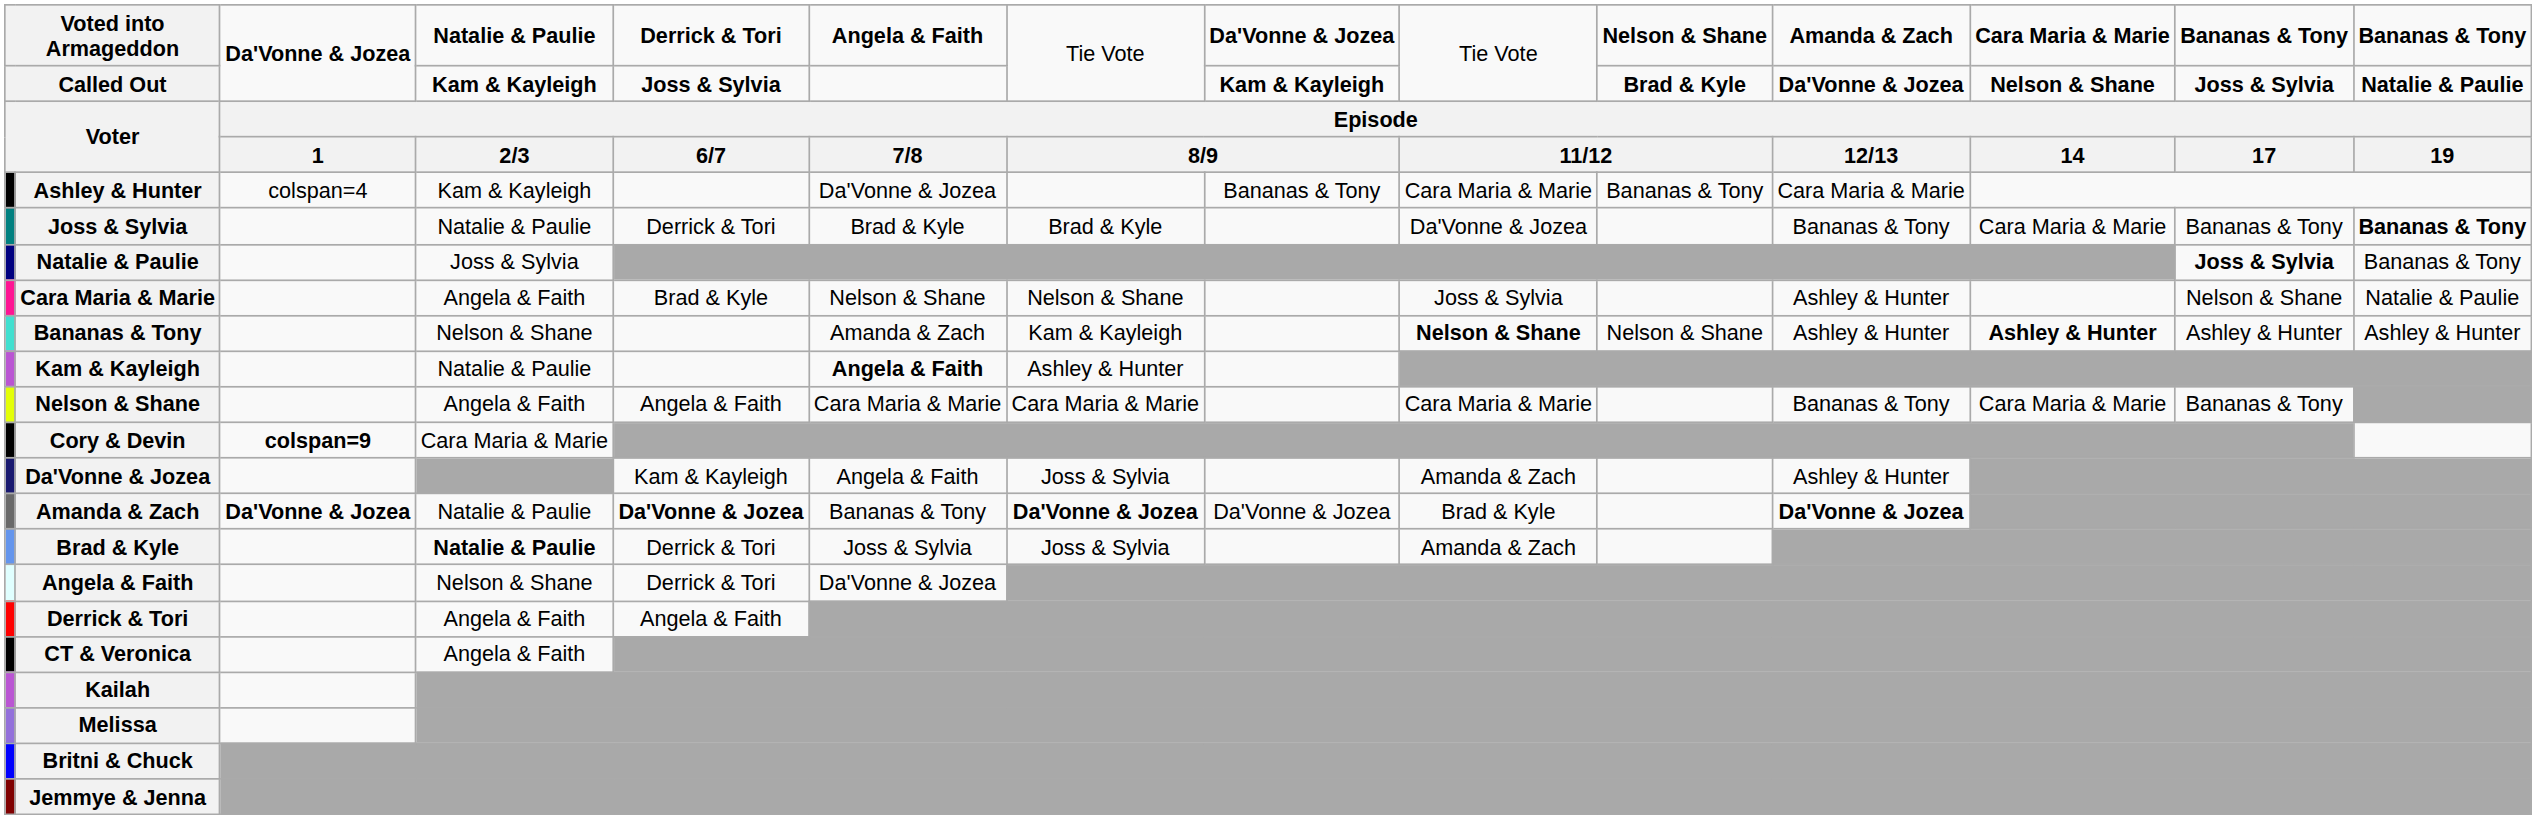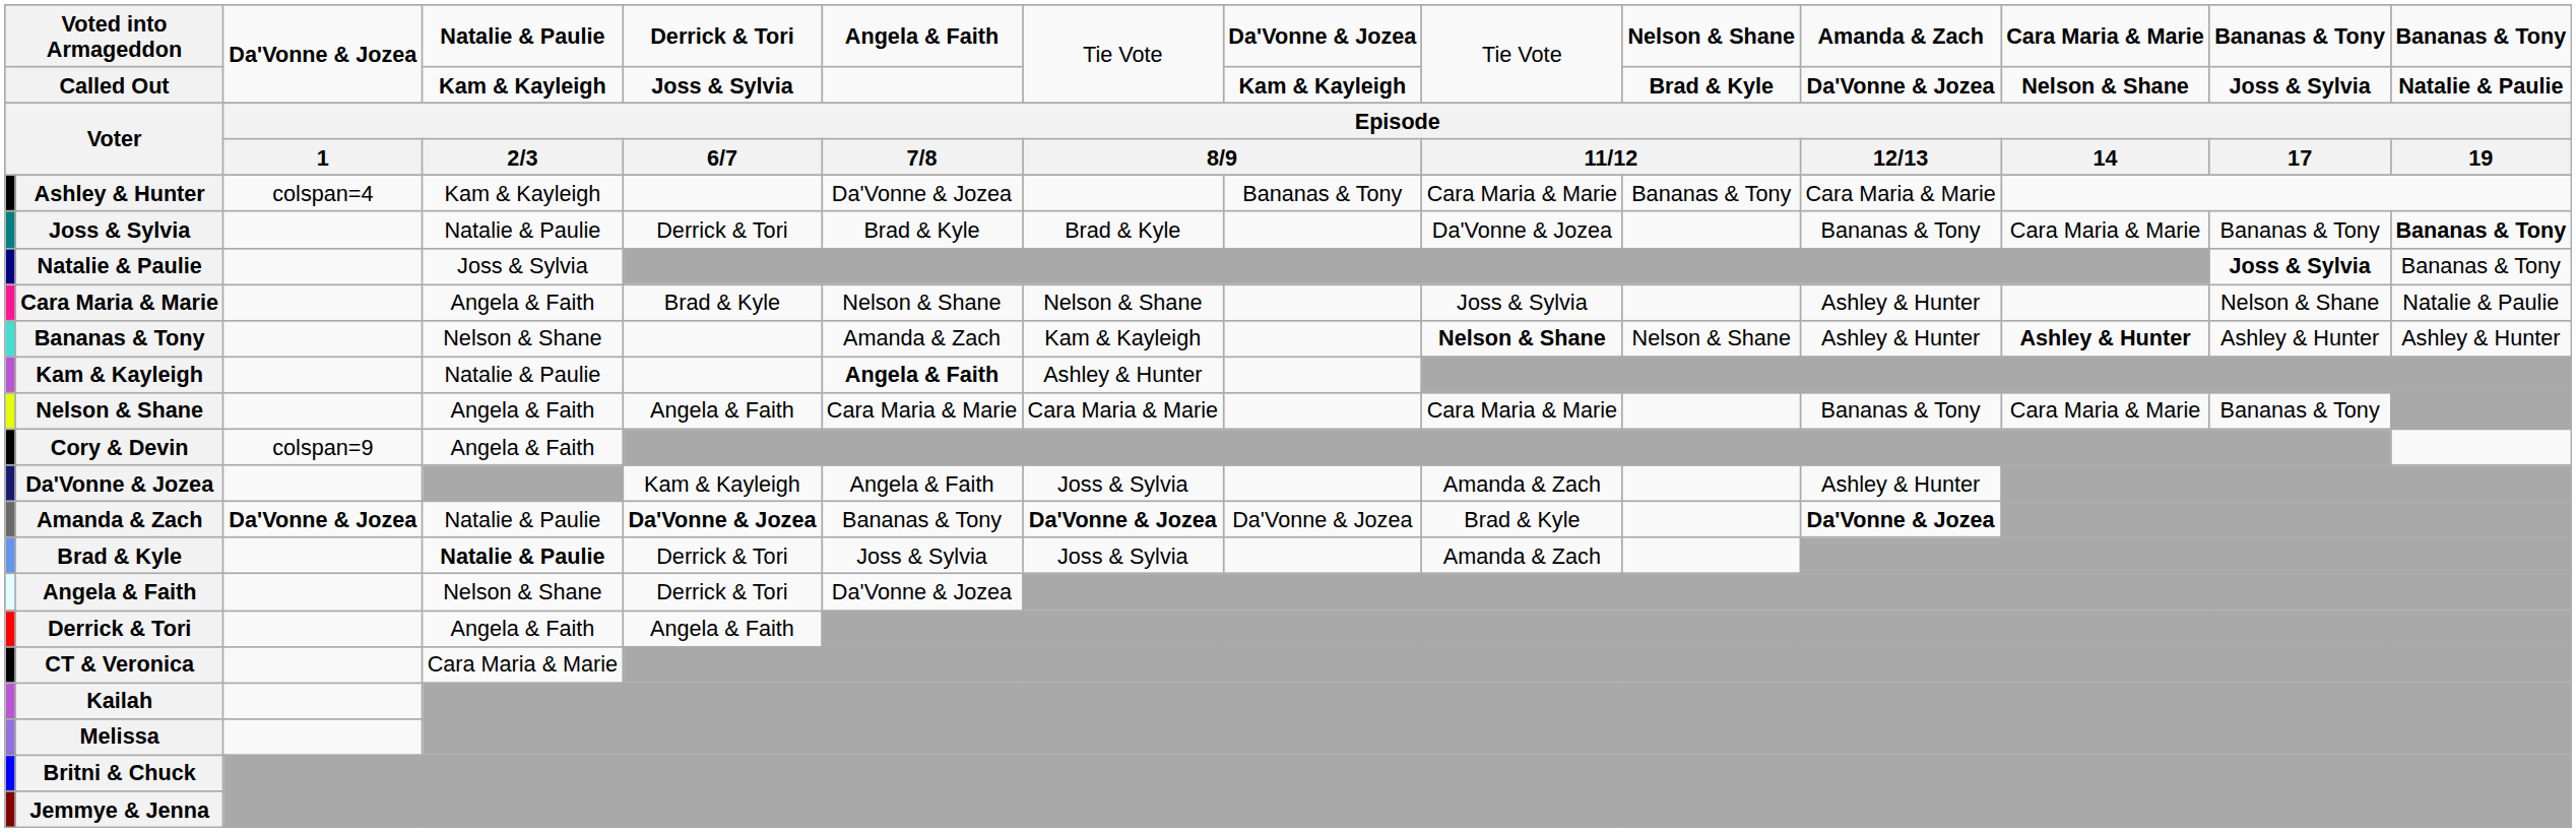 <table class="wikitable" style="text-align:center; font-size:80%; white-space:nowrap;">
 <tr>
 <th colspan=2>Voted into<br>Armageddon</th>
 <td rowspan=2><strong>Da'Vonne & Jozea</strong><br></td>
 <td><strong>Natalie & Paulie</strong><br></td>
 <td><strong>Derrick & Tori</strong><br></td>
 <td><strong>Angela & Faith</strong><br></td>
 <td rowspan=2>Tie Vote</td>
 <td><strong>Da'Vonne & Jozea</strong><br></td>
 <td rowspan=2>Tie Vote</td>
 <td><strong>Nelson & Shane</strong><br></td>
 <td><strong>Amanda & Zach</strong><br></td>
 <td><strong>Cara Maria & Marie</strong><br></td>
 <td><strong>Bananas & Tony</strong><br></td>
 <td><strong>Bananas & Tony</strong><br></td>
 </tr>
 <tr>
 <th colspan=2>Called Out</th>
 <td><strong>Kam & Kayleigh</strong><br></td>
 <td><strong>Joss & Sylvia</strong><br></td>
 <td></td>
 <td><strong>Kam & Kayleigh</strong><br></td>
 <td><strong>Brad & Kyle</strong><br></td>
 <td><strong>Da'Vonne & Jozea</strong><br></td>
 <td><strong>Nelson & Shane</strong><br></td>
 <td><strong>Joss & Sylvia</strong><br></td>
 <td><strong>Natalie & Paulie</strong><br></td>
 </tr>
 <tr>
 <th colspan=2 rowspan=2>Voter</th>
 <th colspan=12>Episode</th>
 </tr>
 <tr>
 <th>1</th>
 <th>2/3</th>
 <th>6/7</th>
 <th>7/8</th>
 <th colspan=2>8/9</th>
 <th colspan=2>11/12</th>
 <th>12/13</th>
 <th>14</th>
 <th>17</th>
 <th>19</th>
 </tr>
 <tr>
 <td align="left" style="background:black"></td>
 <th>Ashley & Hunter</th>
 <td>colspan=4 </td>
 <td>Kam & Kayleigh</td>
 <td></td>
 <td>Da'Vonne & Jozea</td>
 <td></td>
 <td>Bananas & Tony</td>
 <td>Cara Maria & Marie</td>
 <td>Bananas & Tony</td>
 <td>Cara Maria & Marie</td>
 </tr>
 <tr>
 <td align="left" style="background:teal"></td>
 <th>Joss & Sylvia</th>
 <td></td>
 <td>Natalie & Paulie</td>
 <td>Derrick & Tori</td>
 <td>Brad & Kyle</td>
 <td>Brad & Kyle</td>
 <td></td>
 <td>Da'Vonne & Jozea</td>
 <td></td>
 <td>Bananas & Tony</td>
 <td>Cara Maria & Marie</td>
 <td>Bananas & Tony</td>
 <td><strong>Bananas & Tony</strong></td>
 </tr>
 <tr>
 <td align="left" style="background:navy"></td>
 <th>Natalie & Paulie</th>
 <td></td>
 <td>Joss & Sylvia</td>
 <td style="background:darkgray" colspan=8></td>
 <td><strong>Joss & Sylvia</strong></td>
 <td>Bananas & Tony</td>
 </tr>
 <tr>
 <td align="left" style="background:deeppink"></td>
 <th>Cara Maria & Marie</th>
 <td></td>
 <td>Angela & Faith</td>
 <td>Brad & Kyle</td>
 <td>Nelson & Shane</td>
 <td>Nelson & Shane</td>
 <td></td>
 <td>Joss & Sylvia</td>
 <td></td>
 <td>Ashley & Hunter</td>
 <td></td>
 <td>Nelson & Shane</td>
 <td>Natalie & Paulie</td>
 </tr>
 <tr>
 <td align="left" style="background:turquoise"></td>
 <th>Bananas & Tony</th>
 <td></td>
 <td>Nelson & Shane</td>
 <td></td>
 <td>Amanda & Zach</td>
 <td>Kam & Kayleigh</td>
 <td></td>
 <td><strong>Nelson & Shane</strong></td>
 <td>Nelson & Shane</td>
 <td>Ashley & Hunter</td>
 <td><strong>Ashley & Hunter</strong></td>
 <td>Ashley & Hunter</td>
 <td>Ashley & Hunter</td>
 </tr>
 <tr>
 <td align="left" style="background:mediumorchid"></td>
 <th>Kam & Kayleigh</th>
 <td></td>
 <td>Natalie & Paulie</td>
 <td></td>
 <td><strong>Angela & Faith</strong></td>
 <td>Ashley & Hunter</td>
 <td></td>
 <td style="background:darkgray" colspan=10></td>
 </tr>
 <tr>
 <td align="left" style="background:#e4ff06"></td>
 <th>Nelson & Shane</th>
 <td></td>
 <td>Angela & Faith</td>
 <td>Angela & Faith</td>
 <td>Cara Maria & Marie</td>
 <td>Cara Maria & Marie</td>
 <td></td>
 <td>Cara Maria & Marie</td>
 <td></td>
 <td>Bananas & Tony</td>
 <td>Cara Maria & Marie</td>
 <td>Bananas & Tony</td>
 <td style="background:darkgray"></td>
 </tr>
 <tr>
 <td align="left" style="background:black"></td>
 <th>Cory & Devin</th>
-<td><strong>colspan=9 </strong></td>
-<td>Cara Maria & Marie</td>
+<td>colspan=9 </td>
+<td>Angela & Faith</td>
 <td style="background:darkgray" colspan=9></td>
 </tr>
 <tr>
 <td align="left" style="background:midnightblue"></td>
 <th>Da'Vonne & Jozea</th>
 <td></td>
 <td style="background:darkgray"></td>
 <td>Kam & Kayleigh</td>
 <td>Angela & Faith</td>
 <td>Joss & Sylvia</td>
 <td></td>
 <td>Amanda & Zach</td>
 <td></td>
 <td>Ashley & Hunter</td>
 <td style="background:darkgray" colspan=9></td>
 </tr>
 <tr>
 <td align="left" style="background:dimgray"></td>
 <th>Amanda & Zach</th>
 <td><strong>Da'Vonne & Jozea</strong></td>
 <td>Natalie & Paulie</td>
 <td><strong>Da'Vonne & Jozea</strong></td>
 <td>Bananas & Tony</td>
 <td><strong>Da'Vonne & Jozea</strong></td>
 <td>Da'Vonne & Jozea</td>
 <td>Brad & Kyle</td>
 <td></td>
 <td><strong>Da'Vonne & Jozea</strong></td>
 <td style="background:darkgray" colspan=9></td>
 </tr>
 <tr>
 <td align="left" style="background:cornflowerblue"></td>
 <th>Brad & Kyle</th>
 <td></td>
 <td><strong>Natalie & Paulie</strong></td>
 <td>Derrick & Tori</td>
 <td>Joss & Sylvia</td>
 <td>Joss & Sylvia</td>
 <td></td>
 <td>Amanda & Zach</td>
 <td></td>
 <td style="background:darkgray" colspan=10></td>
 </tr>
 <tr>
 <td align="left" style="background:lightcyan"></td>
 <th>Angela & Faith</th>
 <td></td>
 <td>Nelson & Shane</td>
 <td>Derrick & Tori</td>
 <td>Da'Vonne & Jozea</td>
 <td style="background:darkgray" colspan=11></td>
 </tr>
 <tr>
 <td align="left" style="background:red"></td>
 <th>Derrick & Tori</th>
 <td></td>
 <td>Angela & Faith</td>
 <td>Angela & Faith</td>
 <td style="background:darkgray" colspan=12></td>
 </tr>
 <tr>
 <td align="left" style="background:black"></td>
 <th>CT & Veronica</th>
 <td></td>
-<td>Angela & Faith</td>
+<td>Cara Maria & Marie</td>
 <td style="background:darkgray" colspan=12></td>
 </tr>
 <tr>
 <td align="left" style="background:mediumorchid"></td>
 <th>Kailah</th>
 <td></td>
 <td style="background:darkgray" colspan=12></td>
 </tr>
 <tr>
 <td align="left" style="background:mediumpurple"></td>
 <th>Melissa</th>
 <td></td>
 <td style="background:darkgray" colspan=12></td>
 </tr>
 <tr>
 <td align="left" style="background:blue"></td>
 <th>Britni & Chuck</th>
 <td style="background:darkgray" colspan=13></td>
 </tr>
 <tr>
 <td align="left" style="background:maroon"></td>
 <th>Jemmye & Jenna</th>
 <td style="background:darkgray" colspan=13></td>
 </tr>
 </table>
